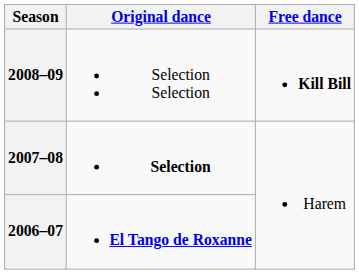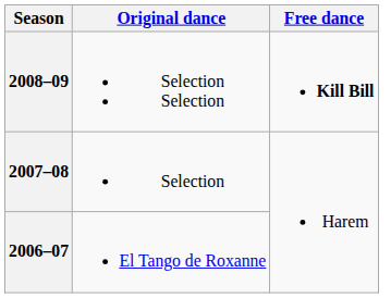 <table class=wikitable style=text-align:center>
 <tr>
 <th>Season</th>
 <th><a href='#'>Original dance</a></th>
 <th><a href='#'>Free dance</a></th>
 </tr>
 <tr>
 <th>2008–09 <br> </th>
 <td><br><ul><li> Selection <br></li><li> Selection <br></li></ul></td>
 <td><strong><br><ul><li>Kill Bill</li></ul></strong></td>
 </tr>
 <tr>
 <th>2007–08 <br> </th>
-<td><strong><br><ul><li> Selection <br></li></ul></strong></td>
+<td><br><ul><li> Selection <br></li></ul></td>
 <td rowspan=2><br><ul><li>Harem <br></li></ul></td>
 </tr>
 <tr>
 <th>2006–07 <br> </th>
-<td><strong><br><ul><li><a href='#'>El Tango de Roxanne</a> <br></li></ul></strong></td>
+<td><br><ul><li><a href='#'>El Tango de Roxanne</a> <br></li></ul></td>
 </tr>
 </table>
